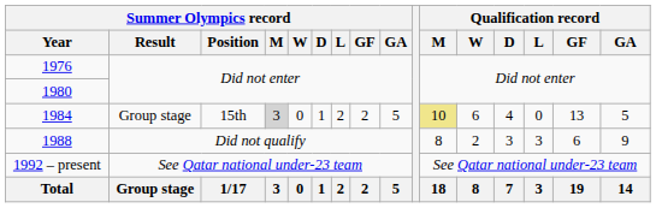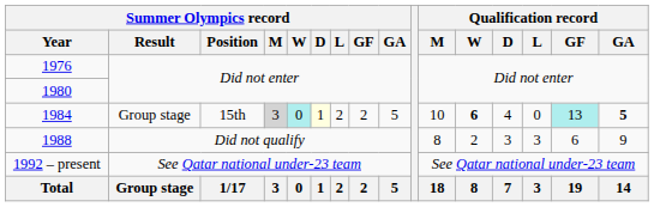 <table class="wikitable" class="wikitable" style="font-size:90%; text-align:center; width:100%">
 <tr>
 <th colspan=9><a href='#'>Summer Olympics</a> record</th>
 <th style="width:1px;" rowspan=8></th>
 <th colspan=7>Qualification record</th>
 </tr>
 <tr>
 <th>Year</th>
 <th>Result</th>
 <th>Position</th>
 <th>M</th>
 <th>W</th>
 <th>D</th>
 <th>L</th>
 <th>GF</th>
 <th>GA</th>
 <th>M</th>
 <th>W</th>
 <th>D</th>
 <th>L</th>
 <th>GF</th>
 <th>GA</th>
 </tr>
 <tr>
 <td> <a href='#'>1976</a></td>
 <td rowspan=2 colspan=8><em>Did not enter</em></td>
 <td rowspan=2 colspan=6><em>Did not enter</em></td>
 </tr>
 <tr>
 <td> <a href='#'>1980</a></td>
 </tr>
 <tr>
 <td> <a href='#'>1984</a></td>
 <td>Group stage</td>
 <td>15th</td>
 <td style="background: lightgrey;">3</td>
-<td>0</td>
-<td>1</td>
+<td style="background: paleturquoise;">0</td>
+<td style="background: lightyellow;">1</td>
 <td>2</td>
 <td>2</td>
 <td>5</td>
-<td style="background: khaki;">10</td>
-<td>6</td>
+<td>10</td>
+<td><strong>6</strong></td>
 <td>4</td>
 <td>0</td>
-<td>13</td>
-<td>5</td>
+<td style="background: paleturquoise;">13</td>
+<td><strong>5</strong></td>
 </tr>
 <tr>
 <td> <a href='#'>1988</a></td>
 <td colspan=8><em>Did not qualify</em></td>
 <td>8</td>
 <td>2</td>
 <td>3</td>
 <td>3</td>
 <td>6</td>
 <td>9</td>
 </tr>
 <tr>
 <td><a href='#'>1992</a> – present</td>
 <td colspan=8><em>See <a href='#'>Qatar national under-23 team</a></em></td>
 <td colspan=6><em>See <a href='#'>Qatar national under-23 team</a></em></td>
 </tr>
 <tr>
 <th>Total</th>
 <th>Group stage</th>
 <th>1/17</th>
 <th>3</th>
 <th>0</th>
 <th>1</th>
 <th>2</th>
 <th>2</th>
 <th>5</th>
 <th>18</th>
 <th>8</th>
 <th>7</th>
 <th>3</th>
 <th>19</th>
 <th>14</th>
 </tr>
 </table>
